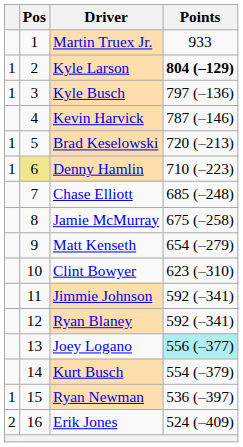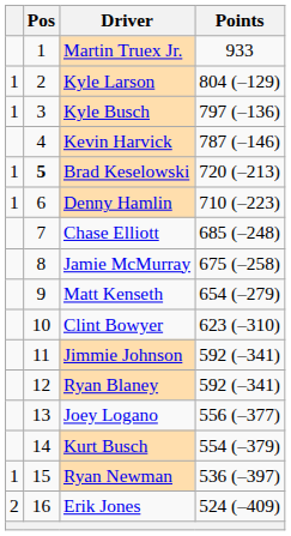 <table class="wikitable" style="font-size: 95%">
 <tr>
 <th></th>
 <th>Pos</th>
 <th>Driver</th>
 <th>Points</th>
 </tr>
 <tr>
 <td align="left"></td>
 <td style="text-align:center;">1</td>
 <td style="background:#FFDEAD;"><a href='#'>Martin Truex Jr.</a></td>
 <td style="text-align:center;">933</td>
 </tr>
 <tr>
 <td align="left"> 1</td>
 <td style="text-align:center;">2</td>
 <td style="background:#FFDEAD;"><a href='#'>Kyle Larson</a></td>
-<td style="text-align:center;"><strong>804 (–129)</strong></td>
+<td style="text-align:center;">804 (–129)</td>
 </tr>
 <tr>
 <td align="left"> 1</td>
 <td style="text-align:center;">3</td>
 <td style="background:#FFDEAD;"><a href='#'>Kyle Busch</a></td>
 <td style="text-align:center;">797 (–136)</td>
 </tr>
 <tr>
 <td align="left"></td>
 <td style="text-align:center;">4</td>
 <td style="background:#FFDEAD;"><a href='#'>Kevin Harvick</a></td>
 <td style="text-align:center;">787 (–146)</td>
 </tr>
 <tr>
 <td align="left"> 1</td>
-<td style="text-align:center;">5</td>
+<td style="text-align:center;"><strong>5</strong></td>
 <td style="background:#FFDEAD;"><a href='#'>Brad Keselowski</a></td>
 <td style="text-align:center;">720 (–213)</td>
 </tr>
 <tr>
 <td align="left"> 1</td>
-<td style="background: khaki; text-align:center;">6</td>
+<td style="text-align:center;">6</td>
 <td style="background:#FFDEAD;"><a href='#'>Denny Hamlin</a></td>
 <td style="text-align:center;">710 (–223)</td>
 </tr>
 <tr>
 <td align="left"></td>
 <td style="text-align:center;">7</td>
 <td><a href='#'>Chase Elliott</a></td>
 <td style="text-align:center;">685 (–248)</td>
 </tr>
 <tr>
 <td align="left"></td>
 <td style="text-align:center;">8</td>
 <td><a href='#'>Jamie McMurray</a></td>
 <td style="text-align:center;">675 (–258)</td>
 </tr>
 <tr>
 <td align="left"></td>
 <td style="text-align:center;">9</td>
 <td><a href='#'>Matt Kenseth</a></td>
 <td style="text-align:center;">654 (–279)</td>
 </tr>
 <tr>
 <td align="left"></td>
 <td style="text-align:center;">10</td>
 <td><a href='#'>Clint Bowyer</a></td>
 <td style="text-align:center;">623 (–310)</td>
 </tr>
 <tr>
 <td align="left"></td>
 <td style="text-align:center;">11</td>
 <td style="background:#FFDEAD;"><a href='#'>Jimmie Johnson</a></td>
 <td style="text-align:center;">592 (–341)</td>
 </tr>
 <tr>
 <td align="left"></td>
 <td style="text-align:center;">12</td>
 <td style="background:#FFDEAD;"><a href='#'>Ryan Blaney</a></td>
 <td style="text-align:center;">592 (–341)</td>
 </tr>
 <tr>
 <td align="left"></td>
 <td style="text-align:center;">13</td>
 <td><a href='#'>Joey Logano</a></td>
-<td style="background: paleturquoise; text-align:center;">556 (–377)</td>
+<td style="text-align:center;">556 (–377)</td>
 </tr>
 <tr>
 <td align="left"></td>
 <td style="text-align:center;">14</td>
 <td style="background:#FFDEAD;"><a href='#'>Kurt Busch</a></td>
 <td style="text-align:center;">554 (–379)</td>
 </tr>
 <tr>
 <td align="left"> 1</td>
 <td style="text-align:center;">15</td>
 <td style="background:#FFDEAD;"><a href='#'>Ryan Newman</a></td>
 <td style="text-align:center;">536 (–397)</td>
 </tr>
 <tr>
 <td align="left"> 2</td>
 <td style="text-align:center;">16</td>
 <td><a href='#'>Erik Jones</a></td>
 <td style="text-align:center;">524 (–409)</td>
 </tr>
 <tr class="sortbottom">
 <th colspan="9"></th>
 </tr>
 </table>
